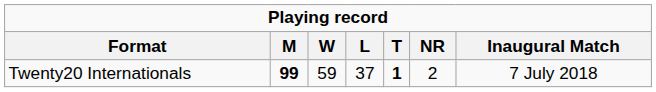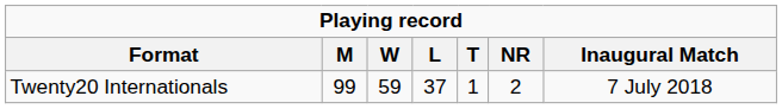 <table class="wikitable" style="text-align: center; width: 600px;">
 <tr>
 <td colspan=7 align="center"><strong>Playing record</strong></td>
 </tr>
 <tr>
 <th>Format</th>
 <th>M</th>
 <th>W</th>
 <th>L</th>
 <th>T</th>
 <th>NR</th>
 <th>Inaugural Match</th>
 </tr>
 <tr>
 <td align="left">Twenty20 Internationals</td>
-<td><strong>99</strong></td>
+<td>99</td>
 <td>59</td>
 <td>37</td>
-<td><strong>1</strong></td>
+<td>1</td>
 <td>2</td>
 <td>7 July 2018</td>
 </tr>
 </table>
